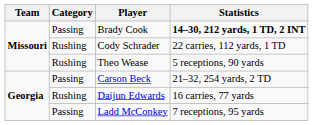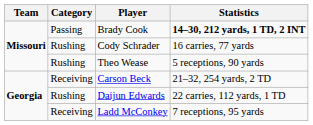 <table class="wikitable" style="float: right;">
 <tr>
 <th>Team</th>
 <th>Category</th>
 <th>Player</th>
 <th>Statistics</th>
 </tr>
 <tr>
 <td rowspan=3><strong>Missouri</strong></td>
 <td>Passing</td>
 <td>Brady Cook</td>
 <td><strong>14–30, 212 yards, 1 TD, 2 INT</strong></td>
 </tr>
 <tr>
 <td>Rushing</td>
 <td>Cody Schrader</td>
-<td>22 carries, 112 yards, 1 TD</td>
+<td>16 carries, 77 yards</td>
 </tr>
 <tr>
 <td>Rushing</td>
 <td>Theo Wease</td>
 <td>5 receptions, 90 yards</td>
 </tr>
 <tr>
 <td rowspan=3><strong>Georgia</strong></td>
-<td>Passing</td>
+<td>Receiving</td>
 <td><a href='#'>Carson Beck</a></td>
 <td>21–32, 254 yards, 2 TD</td>
 </tr>
 <tr>
 <td>Rushing</td>
 <td><a href='#'>Daijun Edwards</a></td>
-<td>16 carries, 77 yards</td>
+<td>22 carries, 112 yards, 1 TD</td>
 </tr>
 <tr>
-<td>Passing</td>
+<td>Receiving</td>
 <td><a href='#'>Ladd McConkey</a></td>
 <td>7 receptions, 95 yards</td>
 </tr>
 </table>
